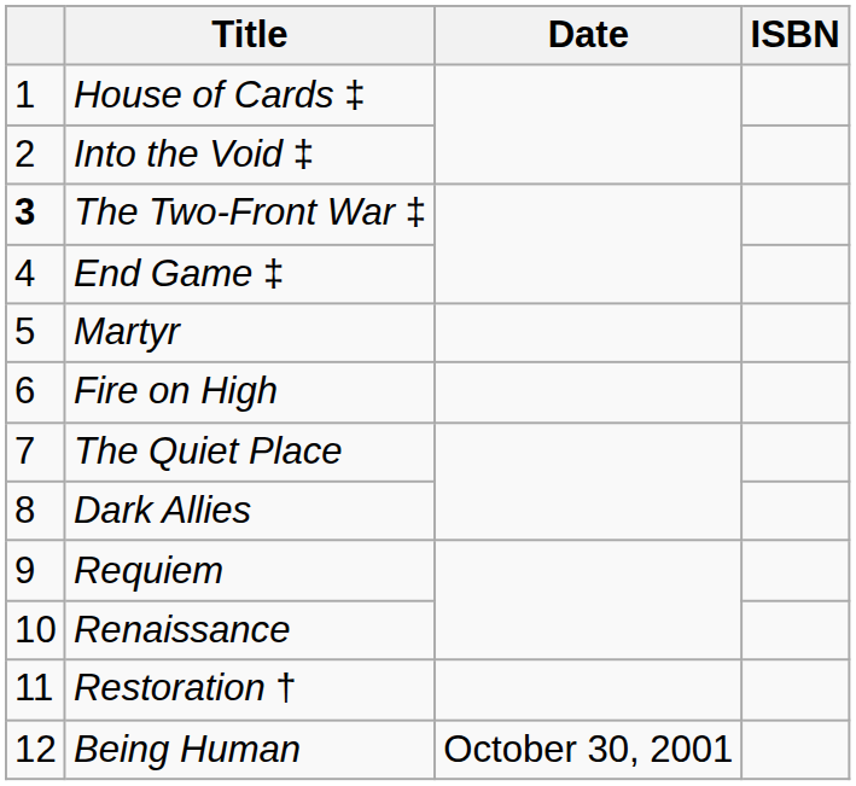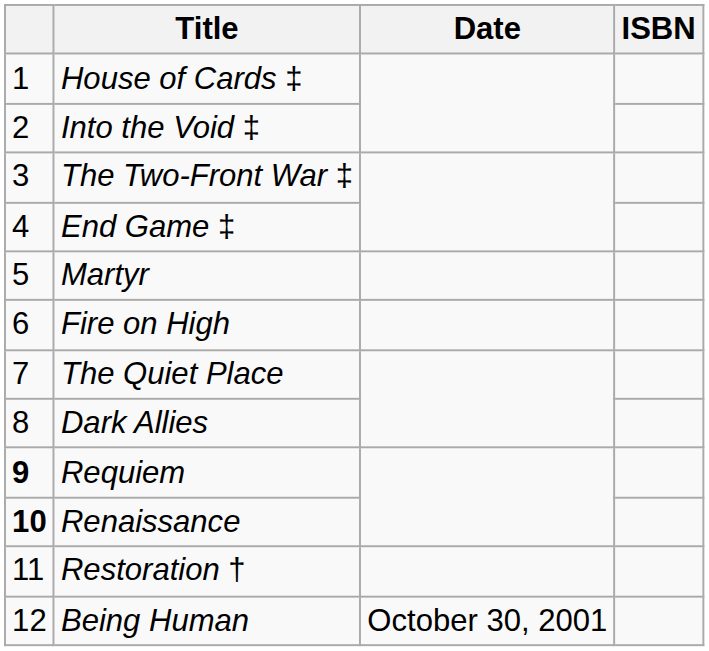 <table class="wikitable">
 <tr>
 <th></th>
 <th>Title</th>
 <th>Date</th>
 <th>ISBN</th>
 </tr>
 <tr>
 <td>1</td>
 <td><em>House of Cards</em> ‡</td>
 <td rowspan="2"></td>
 <td></td>
 </tr>
 <tr>
 <td>2</td>
 <td><em>Into the Void</em> ‡</td>
 <td></td>
 </tr>
 <tr>
-<td><strong>3</strong></td>
+<td>3</td>
 <td><em>The Two-Front War</em> ‡</td>
 <td rowspan="2"></td>
 <td></td>
 </tr>
 <tr>
 <td>4</td>
 <td><em>End Game</em> ‡</td>
 <td></td>
 </tr>
 <tr>
 <td>5</td>
 <td><em>Martyr</em></td>
 <td></td>
 <td></td>
 </tr>
 <tr>
 <td>6</td>
 <td><em>Fire on High</em></td>
 <td></td>
 <td></td>
 </tr>
 <tr>
 <td>7</td>
 <td><em>The Quiet Place</em></td>
 <td rowspan="2"></td>
 <td></td>
 </tr>
 <tr>
 <td>8</td>
 <td><em>Dark Allies</em></td>
 <td></td>
 </tr>
 <tr>
-<td>9</td>
+<td><strong>9</strong></td>
 <td><em>Requiem</em></td>
 <td rowspan="2"></td>
 <td></td>
 </tr>
 <tr>
-<td>10</td>
+<td><strong>10</strong></td>
 <td><em>Renaissance</em></td>
 <td></td>
 </tr>
 <tr>
 <td>11</td>
 <td><em>Restoration</em> †</td>
 <td></td>
 <td></td>
 </tr>
 <tr>
 <td>12</td>
 <td><em>Being Human</em></td>
 <td>October 30, 2001</td>
 <td></td>
 </tr>
 </table>
